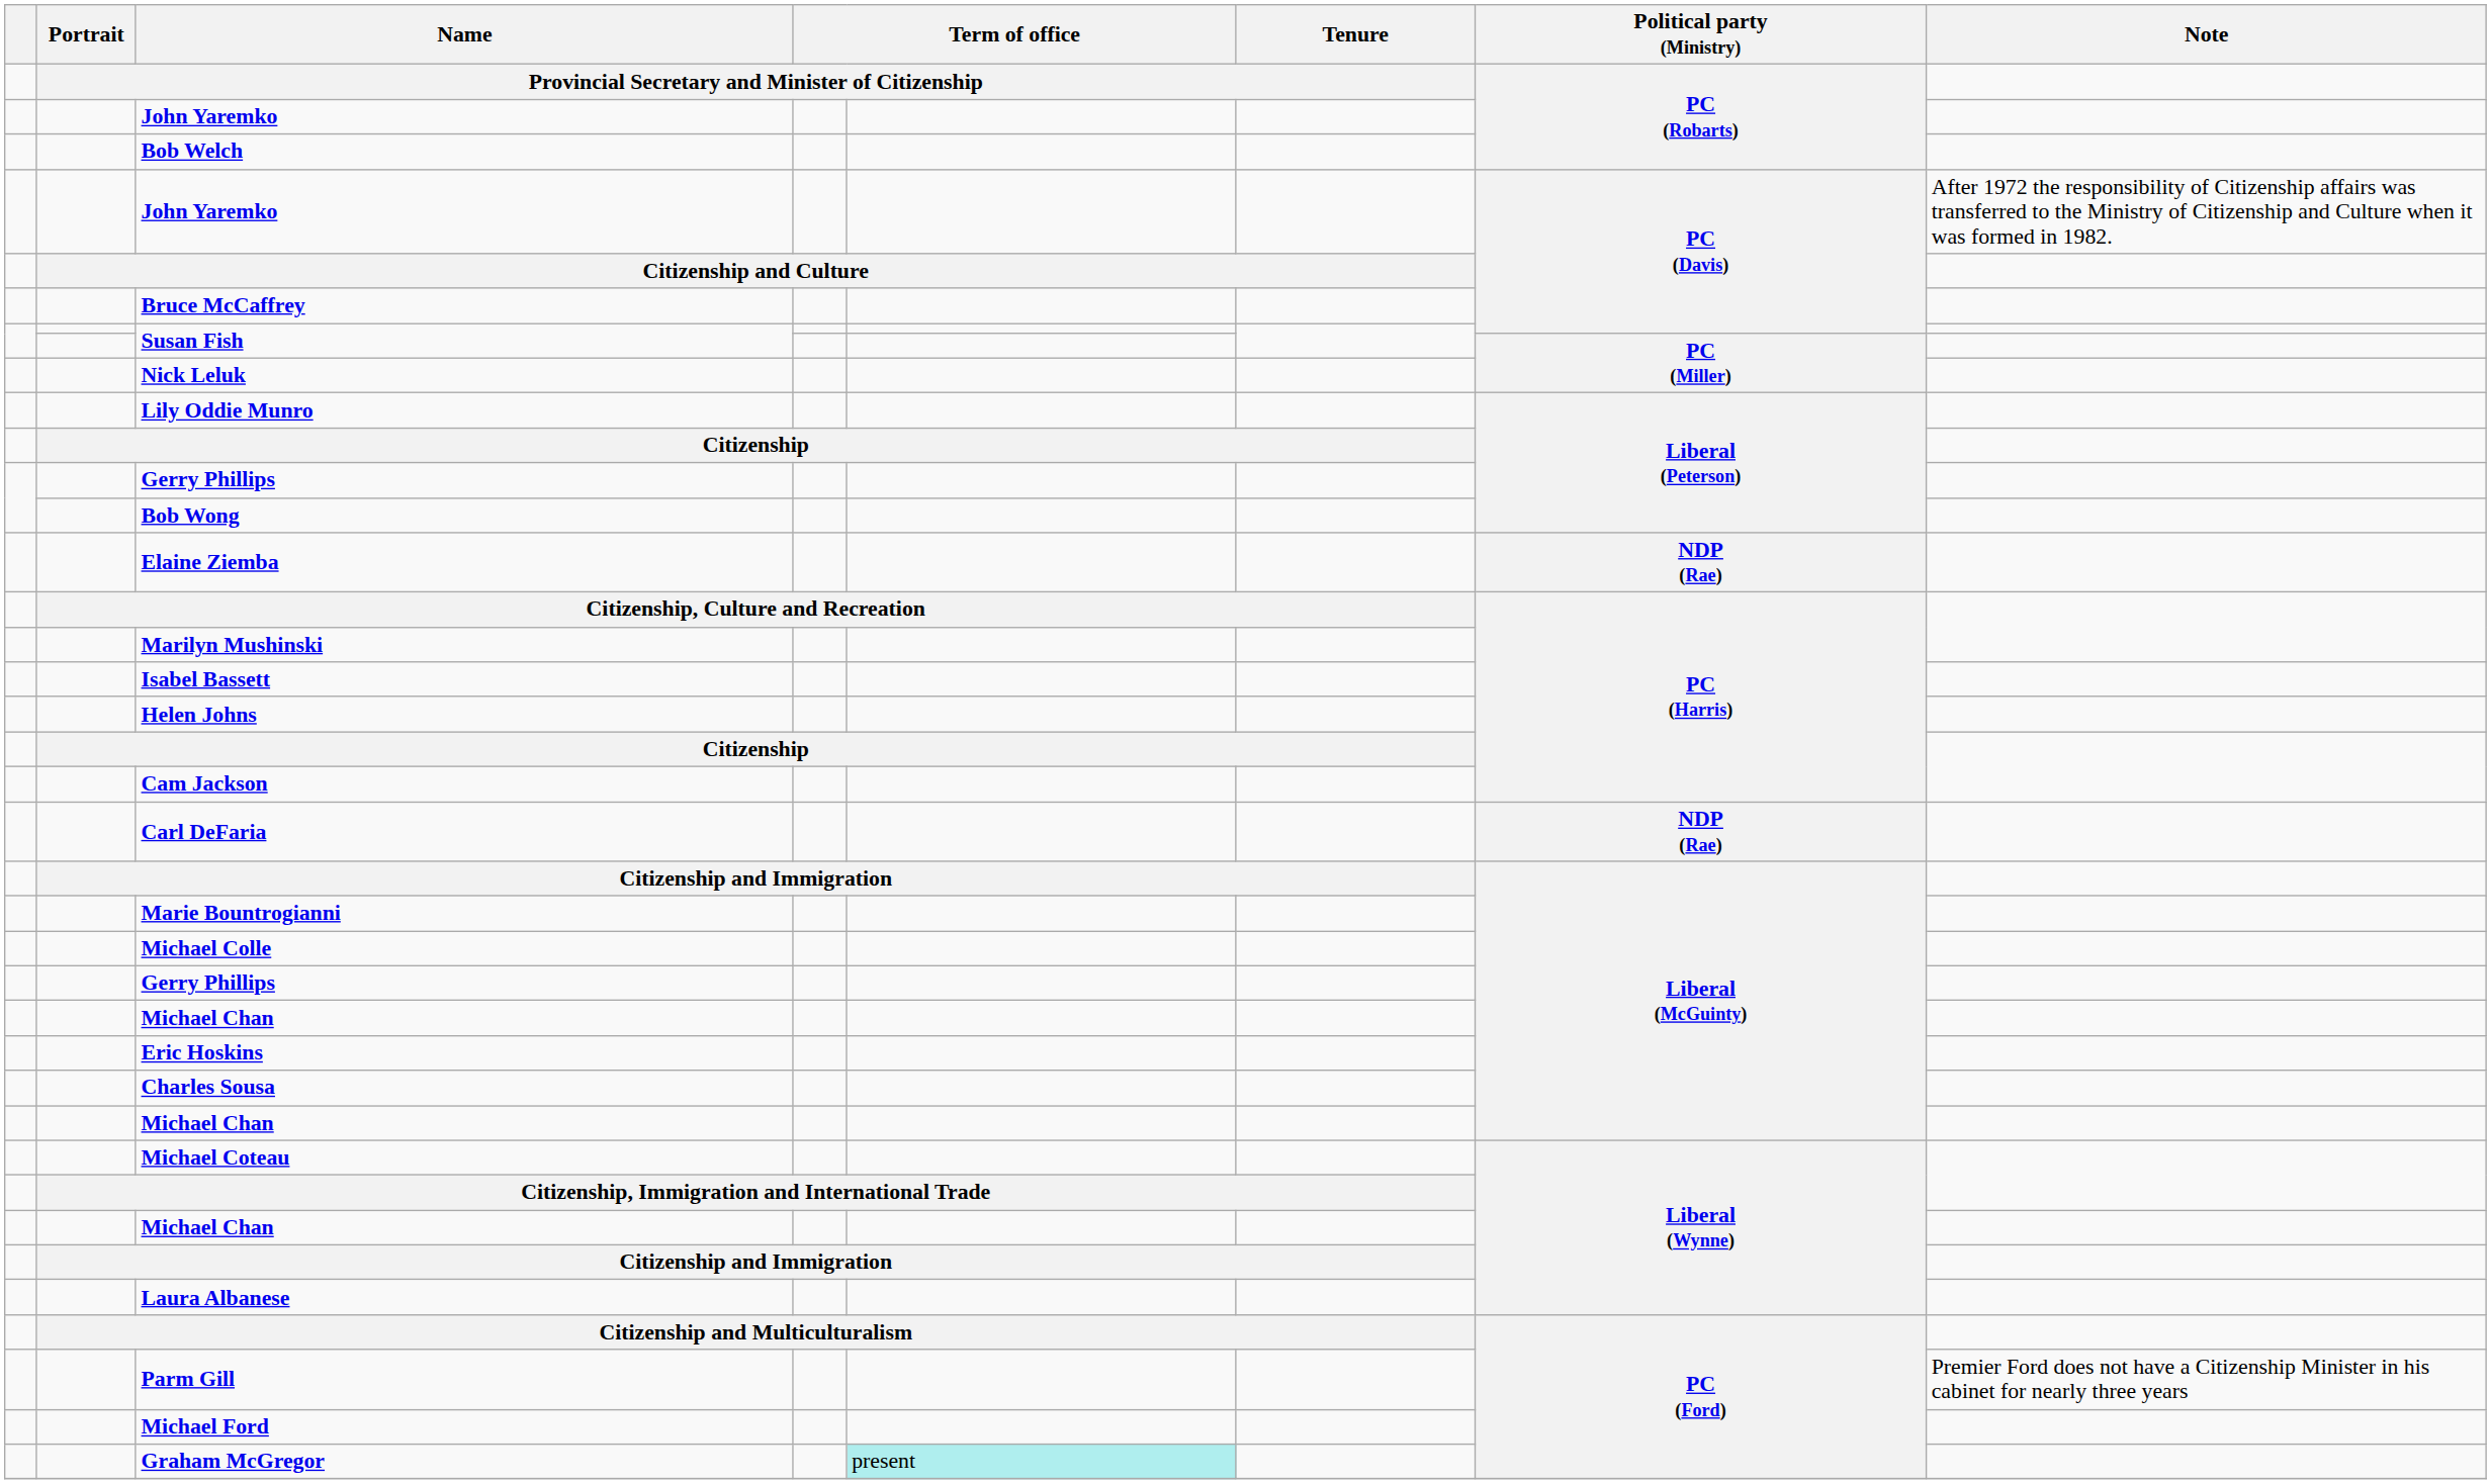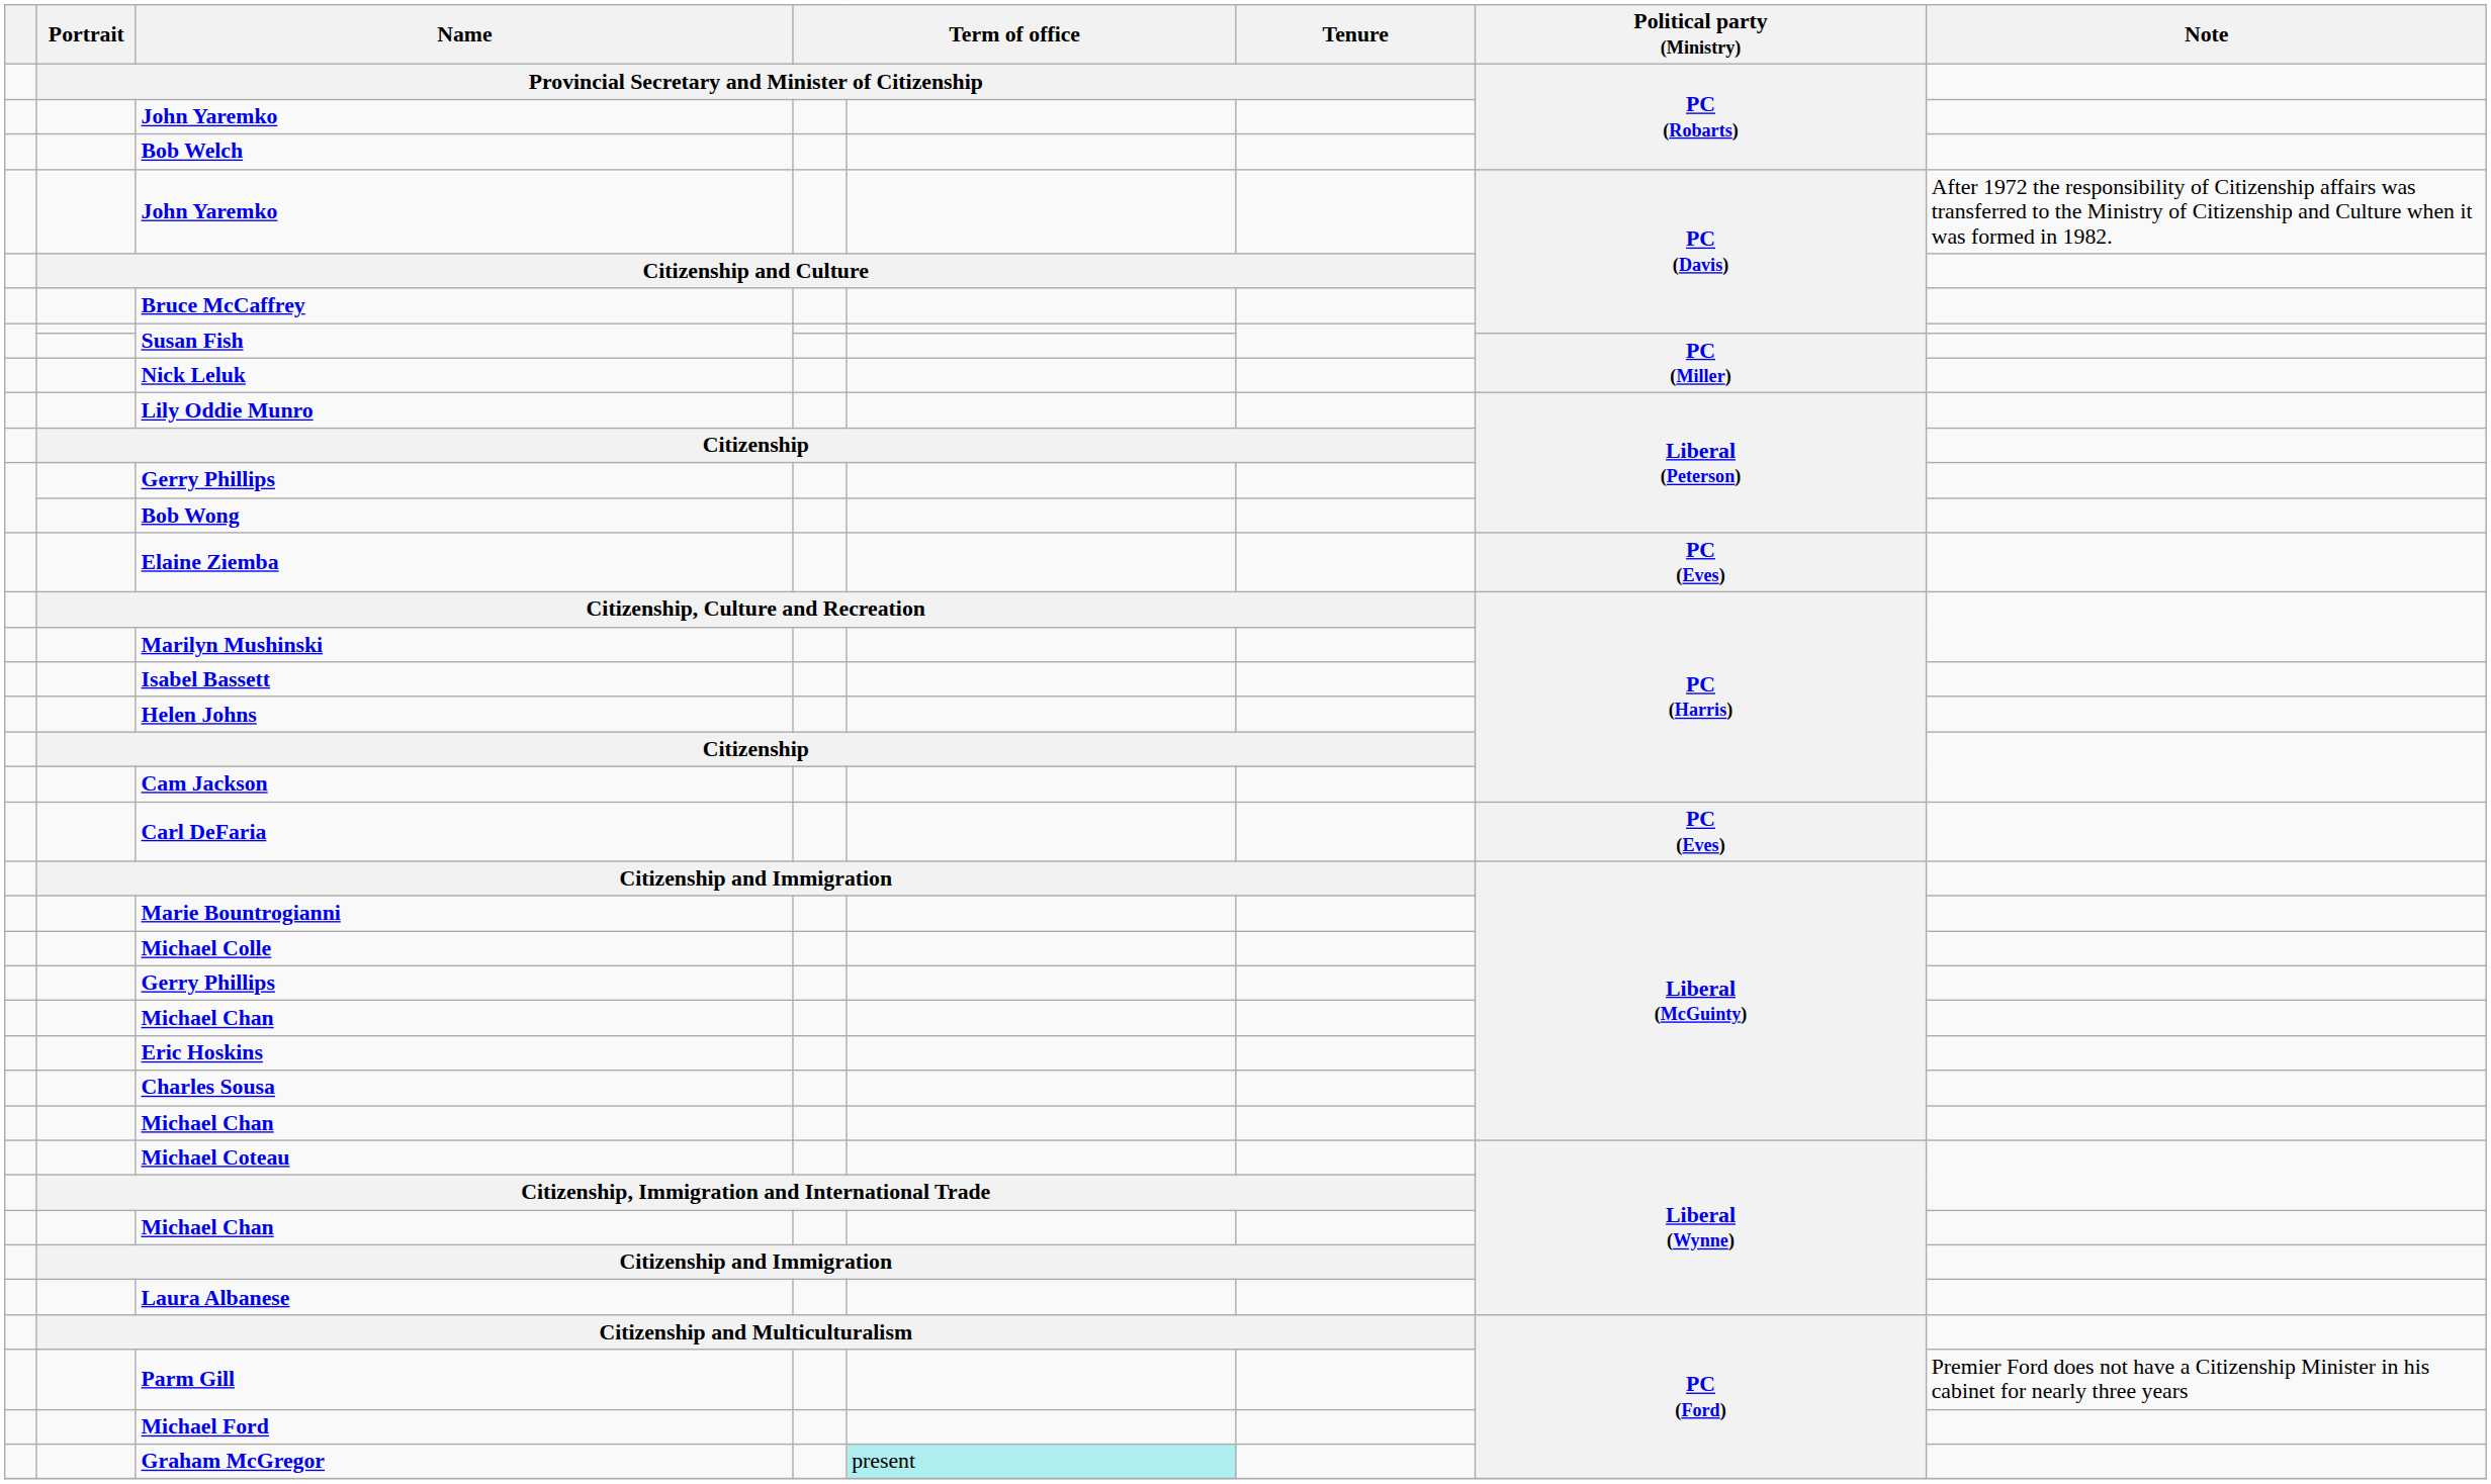 <table class="wikitable" style="width: 91%">
 <tr>
 <th></th>
 <th style="width: 65px;">Portrait</th>
 <th>Name</th>
 <th colspan=2>Term of office</th>
 <th>Tenure</th>
 <th>Political party<br><small>(Ministry)</small></th>
 <th style="width: 400px;">Note</th>
 </tr>
 <tr>
 <td></td>
 <th colspan=5>Provincial Secretary and Minister of Citizenship</th>
 <th rowspan=3; style="background:"><a href='#'>PC</a><br><small>(<a href='#'>Robarts</a>)</small></th>
 </tr>
 <tr>
 <td style="background:"></td>
 <td></td>
 <td><strong><a href='#'>John Yaremko</a></strong></td>
 <td></td>
 <td></td>
 <td></td>
 <td></td>
 </tr>
 <tr>
 <td style="background:"></td>
 <td></td>
 <td><strong><a href='#'>Bob Welch</a></strong></td>
 <td></td>
 <td></td>
 <td></td>
 <td></td>
 </tr>
 <tr>
 <td style="background:"></td>
 <td></td>
 <td><strong><a href='#'>John Yaremko</a></strong></td>
 <td></td>
 <td></td>
 <td></td>
 <th rowspan=4; style="background:"><a href='#'>PC</a><br><small>(<a href='#'>Davis</a>)</small></th>
 <td>After 1972 the responsibility of Citizenship affairs was transferred to the Ministry of Citizenship and Culture when it was formed in 1982.</td>
 </tr>
 <tr>
 <td></td>
 <th colspan=5>Citizenship and Culture</th>
 </tr>
 <tr>
 <td style="background:"></td>
 <td></td>
 <td><strong><a href='#'>Bruce McCaffrey</a></strong></td>
 <td></td>
 <td></td>
 <td></td>
 <td></td>
 </tr>
 <tr>
 <td rowspan=2; style="background:"></td>
 <td></td>
 <td rowspan=2><strong><a href='#'>Susan Fish</a></strong></td>
 <td></td>
 <td></td>
 <td rowspan=2></td>
 <td></td>
 </tr>
 <tr>
 <td></td>
 <td></td>
 <td></td>
 <th rowspan=2; style="background:"><a href='#'>PC</a><br><small>(<a href='#'>Miller</a>)</small></th>
 <td></td>
 </tr>
 <tr>
 <td style="background:"></td>
 <td></td>
 <td><strong><a href='#'>Nick Leluk</a></strong></td>
 <td></td>
 <td></td>
 <td></td>
 </tr>
 <tr>
 <td style="background:"></td>
 <td></td>
 <td><strong><a href='#'>Lily Oddie Munro</a></strong></td>
 <td></td>
 <td></td>
 <td></td>
 <th rowspan=4; style="background:"><a href='#'>Liberal</a><br><small>(<a href='#'>Peterson</a>)</small></th>
 <td></td>
 </tr>
 <tr>
 <td></td>
 <th colspan=5>Citizenship</th>
 </tr>
 <tr>
 <td rowspan=2; style="background:"></td>
 <td></td>
 <td><strong><a href='#'>Gerry Phillips</a></strong></td>
 <td></td>
 <td></td>
 <td></td>
 <td></td>
 </tr>
 <tr>
 <td></td>
 <td><strong><a href='#'>Bob Wong</a></strong></td>
 <td></td>
 <td></td>
 <td></td>
 <td></td>
 </tr>
 <tr>
 <td style="background:"></td>
 <td></td>
 <td><strong><a href='#'>Elaine Ziemba</a></strong></td>
 <td></td>
 <td></td>
 <td rowspan=1></td>
-<th rowspan=1; style="background:"><a href='#'>NDP</a><br><small>(<a href='#'>Rae</a>)</small></th>
+<th style="background:"><a href='#'>PC</a><br><small>(<a href='#'>Eves</a>)</small></th>
 <td></td>
 </tr>
 <tr>
 <td></td>
 <th colspan=5>Citizenship, Culture and Recreation</th>
 <th rowspan=6; style="background:"><a href='#'>PC</a><br><small>(<a href='#'>Harris</a>)</small></th>
 </tr>
 <tr>
 <td style="background:"></td>
 <td></td>
 <td><strong><a href='#'>Marilyn Mushinski</a></strong></td>
 <td></td>
 <td></td>
 <td></td>
 </tr>
 <tr>
 <td style="background:"></td>
 <td></td>
 <td><strong><a href='#'>Isabel Bassett</a></strong></td>
 <td></td>
 <td></td>
 <td></td>
 <td></td>
 </tr>
 <tr>
 <td style="background:"></td>
 <td></td>
 <td><strong><a href='#'>Helen Johns</a></strong></td>
 <td></td>
 <td></td>
 <td></td>
 <td></td>
 </tr>
 <tr>
 <td></td>
 <th colspan=5>Citizenship</th>
 </tr>
 <tr>
 <td style="background:"></td>
 <td></td>
 <td><strong><a href='#'>Cam Jackson</a></strong></td>
 <td></td>
 <td></td>
 <td></td>
 </tr>
 <tr>
 <td style="background:"></td>
 <td></td>
 <td><strong><a href='#'>Carl DeFaria</a></strong></td>
 <td></td>
 <td></td>
 <td></td>
-<th rowspan=1; style="background:"><a href='#'>NDP</a><br><small>(<a href='#'>Rae</a>)</small></th>
+<th style="background:"><a href='#'>PC</a><br><small>(<a href='#'>Eves</a>)</small></th>
 <td></td>
 </tr>
 <tr>
 <td></td>
 <th colspan=5>Citizenship and Immigration</th>
 <th rowspan=8; style="background:"><a href='#'>Liberal</a><br><small>(<a href='#'>McGuinty</a>)</small></th>
 </tr>
 <tr>
 <td style="background:"></td>
 <td></td>
 <td><strong><a href='#'>Marie Bountrogianni</a></strong></td>
 <td></td>
 <td></td>
 <td></td>
 <td></td>
 </tr>
 <tr>
 <td style="background:"></td>
 <td></td>
 <td><strong><a href='#'>Michael Colle</a></strong></td>
 <td></td>
 <td></td>
 <td></td>
 <td></td>
 </tr>
 <tr>
 <td style="background:"></td>
 <td></td>
 <td><strong><a href='#'>Gerry Phillips</a></strong></td>
 <td></td>
 <td></td>
 <td></td>
 <td></td>
 </tr>
 <tr>
 <td style="background:"></td>
 <td></td>
 <td><strong><a href='#'>Michael Chan</a></strong></td>
 <td></td>
 <td></td>
 <td></td>
 <td></td>
 </tr>
 <tr>
 <td style="background:"></td>
 <td></td>
 <td><strong><a href='#'>Eric Hoskins</a></strong></td>
 <td></td>
 <td></td>
 <td></td>
 <td></td>
 </tr>
 <tr>
 <td style="background:"></td>
 <td></td>
 <td><strong><a href='#'>Charles Sousa</a></strong></td>
 <td></td>
 <td></td>
 <td></td>
 <td></td>
 </tr>
 <tr>
 <td style="background:"></td>
 <td></td>
 <td><strong><a href='#'>Michael Chan</a></strong></td>
 <td></td>
 <td></td>
 <td></td>
 <td></td>
 </tr>
 <tr>
 <td style="background:"></td>
 <td></td>
 <td><strong><a href='#'>Michael Coteau</a></strong></td>
 <td></td>
 <td></td>
 <td></td>
 <th rowspan=5; style="background:"><a href='#'>Liberal</a><br><small>(<a href='#'>Wynne</a>)</small></th>
 </tr>
 <tr>
 <td></td>
 <th colspan=5>Citizenship, Immigration and International Trade</th>
 </tr>
 <tr>
 <td style="background:"></td>
 <td></td>
 <td><strong><a href='#'>Michael Chan</a></strong></td>
 <td></td>
 <td></td>
 <td></td>
 <td></td>
 </tr>
 <tr>
 <td></td>
 <th colspan=5>Citizenship and Immigration</th>
 </tr>
 <tr>
 <td style="background:"></td>
 <td></td>
 <td><strong><a href='#'>Laura Albanese</a></strong></td>
 <td></td>
 <td></td>
 <td></td>
 <td></td>
 </tr>
 <tr>
 <td></td>
 <th colspan=5>Citizenship and Multiculturalism</th>
 <th rowspan=4; style="background:"><a href='#'>PC</a><br><small>(<a href='#'>Ford</a>)</small></th>
 </tr>
 <tr>
 <td style="background:"></td>
 <td></td>
 <td><strong><a href='#'>Parm Gill</a></strong></td>
 <td></td>
 <td></td>
 <td></td>
 <td>Premier Ford does not have a Citizenship Minister in his cabinet for nearly three years</td>
 </tr>
 <tr>
 <td style="background:"></td>
 <td></td>
 <td><strong><a href='#'>Michael Ford</a></strong></td>
 <td></td>
 <td></td>
 <td></td>
 <td></td>
 </tr>
 <tr>
 <td style="background:"></td>
 <td></td>
 <td><strong><a href='#'>Graham McGregor</a></strong></td>
 <td></td>
 <td style="background: paleturquoise;">present</td>
 <td></td>
 <td></td>
 </tr>
 <tr>
 </tr>
 </table>
